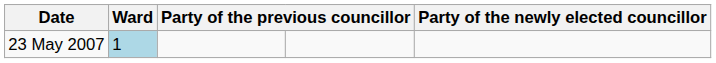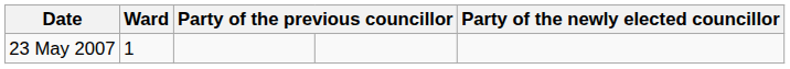 <table class="wikitable">
 <tr>
 <th>Date</th>
 <th>Ward</th>
 <th colspan=2>Party of the previous councillor</th>
 <th colspan=2>Party of the newly elected councillor</th>
 </tr>
 <tr>
 <td>23 May 2007</td>
-<td style="background: lightblue;">1</td>
+<td>1</td>
 <td></td>
 <td></td>
 </tr>
 </table>
